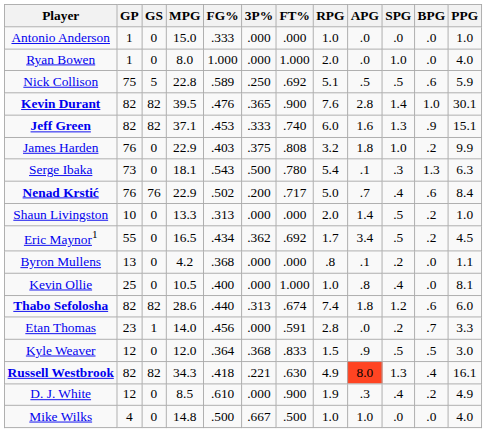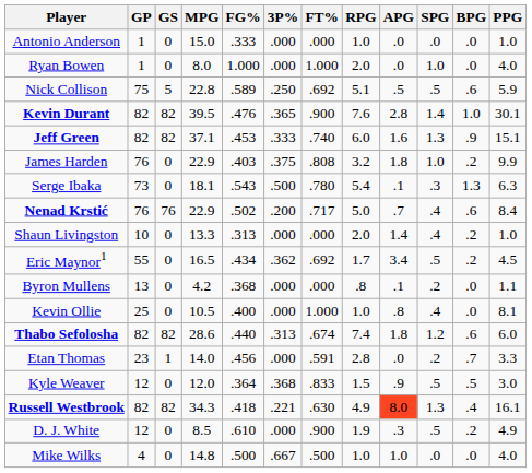 <table class="wikitable sortable" style="font-size:90%; text-align:center;">
 <tr>
 <th>Player</th>
 <th>GP</th>
 <th>GS</th>
 <th>MPG</th>
 <th>FG%</th>
 <th>3P%</th>
 <th>FT%</th>
 <th>RPG</th>
 <th>APG</th>
 <th>SPG</th>
 <th>BPG</th>
 <th>PPG</th>
 </tr>
 <tr>
 <td><a href='#'>Antonio Anderson</a></td>
 <td>1</td>
 <td>0</td>
 <td>15.0</td>
 <td>.333</td>
 <td>.000</td>
 <td>.000</td>
 <td>1.0</td>
 <td>.0</td>
 <td>.0</td>
 <td>.0</td>
 <td>1.0</td>
 </tr>
 <tr>
 <td><a href='#'>Ryan Bowen</a></td>
 <td>1</td>
 <td>0</td>
 <td>8.0</td>
 <td>1.000</td>
 <td>.000</td>
 <td>1.000</td>
 <td>2.0</td>
 <td>.0</td>
 <td>1.0</td>
 <td>.0</td>
 <td>4.0</td>
 </tr>
 <tr>
 <td><a href='#'>Nick Collison</a></td>
 <td>75</td>
 <td>5</td>
 <td>22.8</td>
 <td>.589</td>
 <td>.250</td>
 <td>.692</td>
 <td>5.1</td>
 <td>.5</td>
 <td>.5</td>
 <td>.6</td>
 <td>5.9</td>
 </tr>
 <tr>
 <td><strong><a href='#'>Kevin Durant</a></strong></td>
 <td>82</td>
 <td>82</td>
 <td>39.5</td>
 <td>.476</td>
 <td>.365</td>
 <td>.900</td>
 <td>7.6</td>
 <td>2.8</td>
 <td>1.4</td>
 <td>1.0</td>
 <td>30.1</td>
 </tr>
 <tr>
 <td><strong><a href='#'>Jeff Green</a></strong></td>
 <td>82</td>
 <td>82</td>
 <td>37.1</td>
 <td>.453</td>
 <td>.333</td>
 <td>.740</td>
 <td>6.0</td>
 <td>1.6</td>
 <td>1.3</td>
 <td>.9</td>
 <td>15.1</td>
 </tr>
 <tr>
 <td><a href='#'>James Harden</a></td>
 <td>76</td>
 <td>0</td>
 <td>22.9</td>
 <td>.403</td>
 <td>.375</td>
 <td>.808</td>
 <td>3.2</td>
 <td>1.8</td>
 <td>1.0</td>
 <td>.2</td>
 <td>9.9</td>
 </tr>
 <tr>
 <td><a href='#'>Serge Ibaka</a></td>
 <td>73</td>
 <td>0</td>
 <td>18.1</td>
 <td>.543</td>
 <td>.500</td>
 <td>.780</td>
 <td>5.4</td>
 <td>.1</td>
 <td>.3</td>
 <td>1.3</td>
 <td>6.3</td>
 </tr>
 <tr>
 <td><strong><a href='#'>Nenad Krstić</a></strong></td>
 <td>76</td>
 <td>76</td>
 <td>22.9</td>
 <td>.502</td>
 <td>.200</td>
 <td>.717</td>
 <td>5.0</td>
 <td>.7</td>
 <td>.4</td>
 <td>.6</td>
 <td>8.4</td>
 </tr>
 <tr>
 <td><a href='#'>Shaun Livingston</a></td>
 <td>10</td>
 <td>0</td>
 <td>13.3</td>
 <td>.313</td>
 <td>.000</td>
 <td>.000</td>
 <td>2.0</td>
 <td>1.4</td>
-<td>.5</td>
+<td>.4</td>
 <td>.2</td>
 <td>1.0</td>
 </tr>
 <tr>
 <td><a href='#'>Eric Maynor</a><sup>1</sup></td>
 <td>55</td>
 <td>0</td>
 <td>16.5</td>
 <td>.434</td>
 <td>.362</td>
 <td>.692</td>
 <td>1.7</td>
 <td>3.4</td>
 <td>.5</td>
 <td>.2</td>
 <td>4.5</td>
 </tr>
 <tr>
 <td><a href='#'>Byron Mullens</a></td>
 <td>13</td>
 <td>0</td>
 <td>4.2</td>
 <td>.368</td>
 <td>.000</td>
 <td>.000</td>
 <td>.8</td>
 <td>.1</td>
 <td>.2</td>
 <td>.0</td>
 <td>1.1</td>
 </tr>
 <tr>
 <td><a href='#'>Kevin Ollie</a></td>
 <td>25</td>
 <td>0</td>
 <td>10.5</td>
 <td>.400</td>
 <td>.000</td>
 <td>1.000</td>
 <td>1.0</td>
 <td>.8</td>
 <td>.4</td>
 <td>.0</td>
 <td>8.1</td>
 </tr>
 <tr>
 <td><strong><a href='#'>Thabo Sefolosha</a></strong></td>
 <td>82</td>
 <td>82</td>
 <td>28.6</td>
 <td>.440</td>
 <td>.313</td>
 <td>.674</td>
 <td>7.4</td>
 <td>1.8</td>
 <td>1.2</td>
 <td>.6</td>
 <td>6.0</td>
 </tr>
 <tr>
 <td><a href='#'>Etan Thomas</a></td>
 <td>23</td>
 <td>1</td>
 <td>14.0</td>
 <td>.456</td>
 <td>.000</td>
 <td>.591</td>
 <td>2.8</td>
 <td>.0</td>
 <td>.2</td>
 <td>.7</td>
 <td>3.3</td>
 </tr>
 <tr>
 <td><a href='#'>Kyle Weaver</a></td>
 <td>12</td>
 <td>0</td>
 <td>12.0</td>
 <td>.364</td>
 <td>.368</td>
 <td>.833</td>
 <td>1.5</td>
 <td>.9</td>
 <td>.5</td>
 <td>.5</td>
 <td>3.0</td>
 </tr>
 <tr>
 <td><strong><a href='#'>Russell Westbrook</a></strong></td>
 <td>82</td>
 <td>82</td>
 <td>34.3</td>
 <td>.418</td>
 <td>.221</td>
 <td>.630</td>
 <td>4.9</td>
 <td style="background:#f42;">8.0</td>
 <td>1.3</td>
 <td>.4</td>
 <td>16.1</td>
 </tr>
 <tr>
 <td><a href='#'>D. J. White</a></td>
 <td>12</td>
 <td>0</td>
 <td>8.5</td>
 <td>.610</td>
 <td>.000</td>
 <td>.900</td>
 <td>1.9</td>
 <td>.3</td>
-<td>.4</td>
+<td>.5</td>
 <td>.2</td>
 <td>4.9</td>
 </tr>
 <tr>
 <td><a href='#'>Mike Wilks</a></td>
 <td>4</td>
 <td>0</td>
 <td>14.8</td>
 <td>.500</td>
 <td>.667</td>
 <td>.500</td>
 <td>1.0</td>
 <td>1.0</td>
 <td>.0</td>
 <td>.0</td>
 <td>4.0</td>
 </tr>
 </table>
